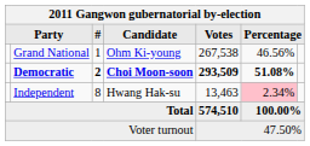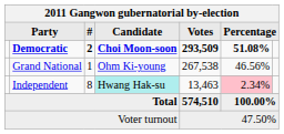 <table class="wikitable">
 <tr>
 <th colspan="7">2011 Gangwon gubernatorial by-election</th>
 </tr>
 <tr>
 <th style="background-color:#E9E9E9" colspan=2>Party</th>
 <th style="background-color:#E9E9E9">#</th>
 <th style="background-color:#E9E9E9">Candidate</th>
 <th style="background-color:#E9E9E9">Votes</th>
 <th style="background-color:#E9E9E9" colspan=2>Percentage</th>
-</tr>
-<tr>
-<td></td>
-<td align=left><a href='#'>Grand National</a></td>
-<td align=center>1</td>
-<td align=left><a href='#'>Ohm Ki-young</a></td>
-<td align=right>267,538</td>
-<td align=right>46.56%</td>
-<td align=right></td>
 </tr>
 <tr style="font-weight:bold">
 <td></td>
 <td align=left><a href='#'>Democratic</a></td>
 <td align=center>2</td>
 <td align=left><a href='#'>Choi Moon-soon</a></td>
 <td align=right>293,509</td>
 <td align=right>51.08%</td>
 <td align=right></td>
 </tr>
 <tr>
 <td></td>
+<td align=left><a href='#'>Grand National</a></td>
+<td align=center>1</td>
+<td align=left><a href='#'>Ohm Ki-young</a></td>
+<td align=right>267,538</td>
+<td align=right>46.56%</td>
+<td align=right></td>
+</tr>
+<tr>
+<td></td>
 <td align=left><a href='#'>Independent</a></td>
 <td align=center>8</td>
-<td align=left>Hwang Hak-su</td>
+<td align=left style="background: paleturquoise;">Hwang Hak-su</td>
 <td align=right>13,463</td>
 <td align=right style="background: pink;">2.34%</td>
 <td align=right></td>
 </tr>
 <tr bgcolor="#EEEEEE" style="font-weight:bold">
 <td colspan="4" align=right>Total</td>
 <td align=right>574,510</td>
 <td align=right colspan=2>100.00%</td>
 </tr>
 <tr bgcolor="#EEEEEE">
 <td colspan="4" align="right">Voter turnout</td>
 <td colspan="3" align="right">47.50%</td>
 </tr>
 </table>
